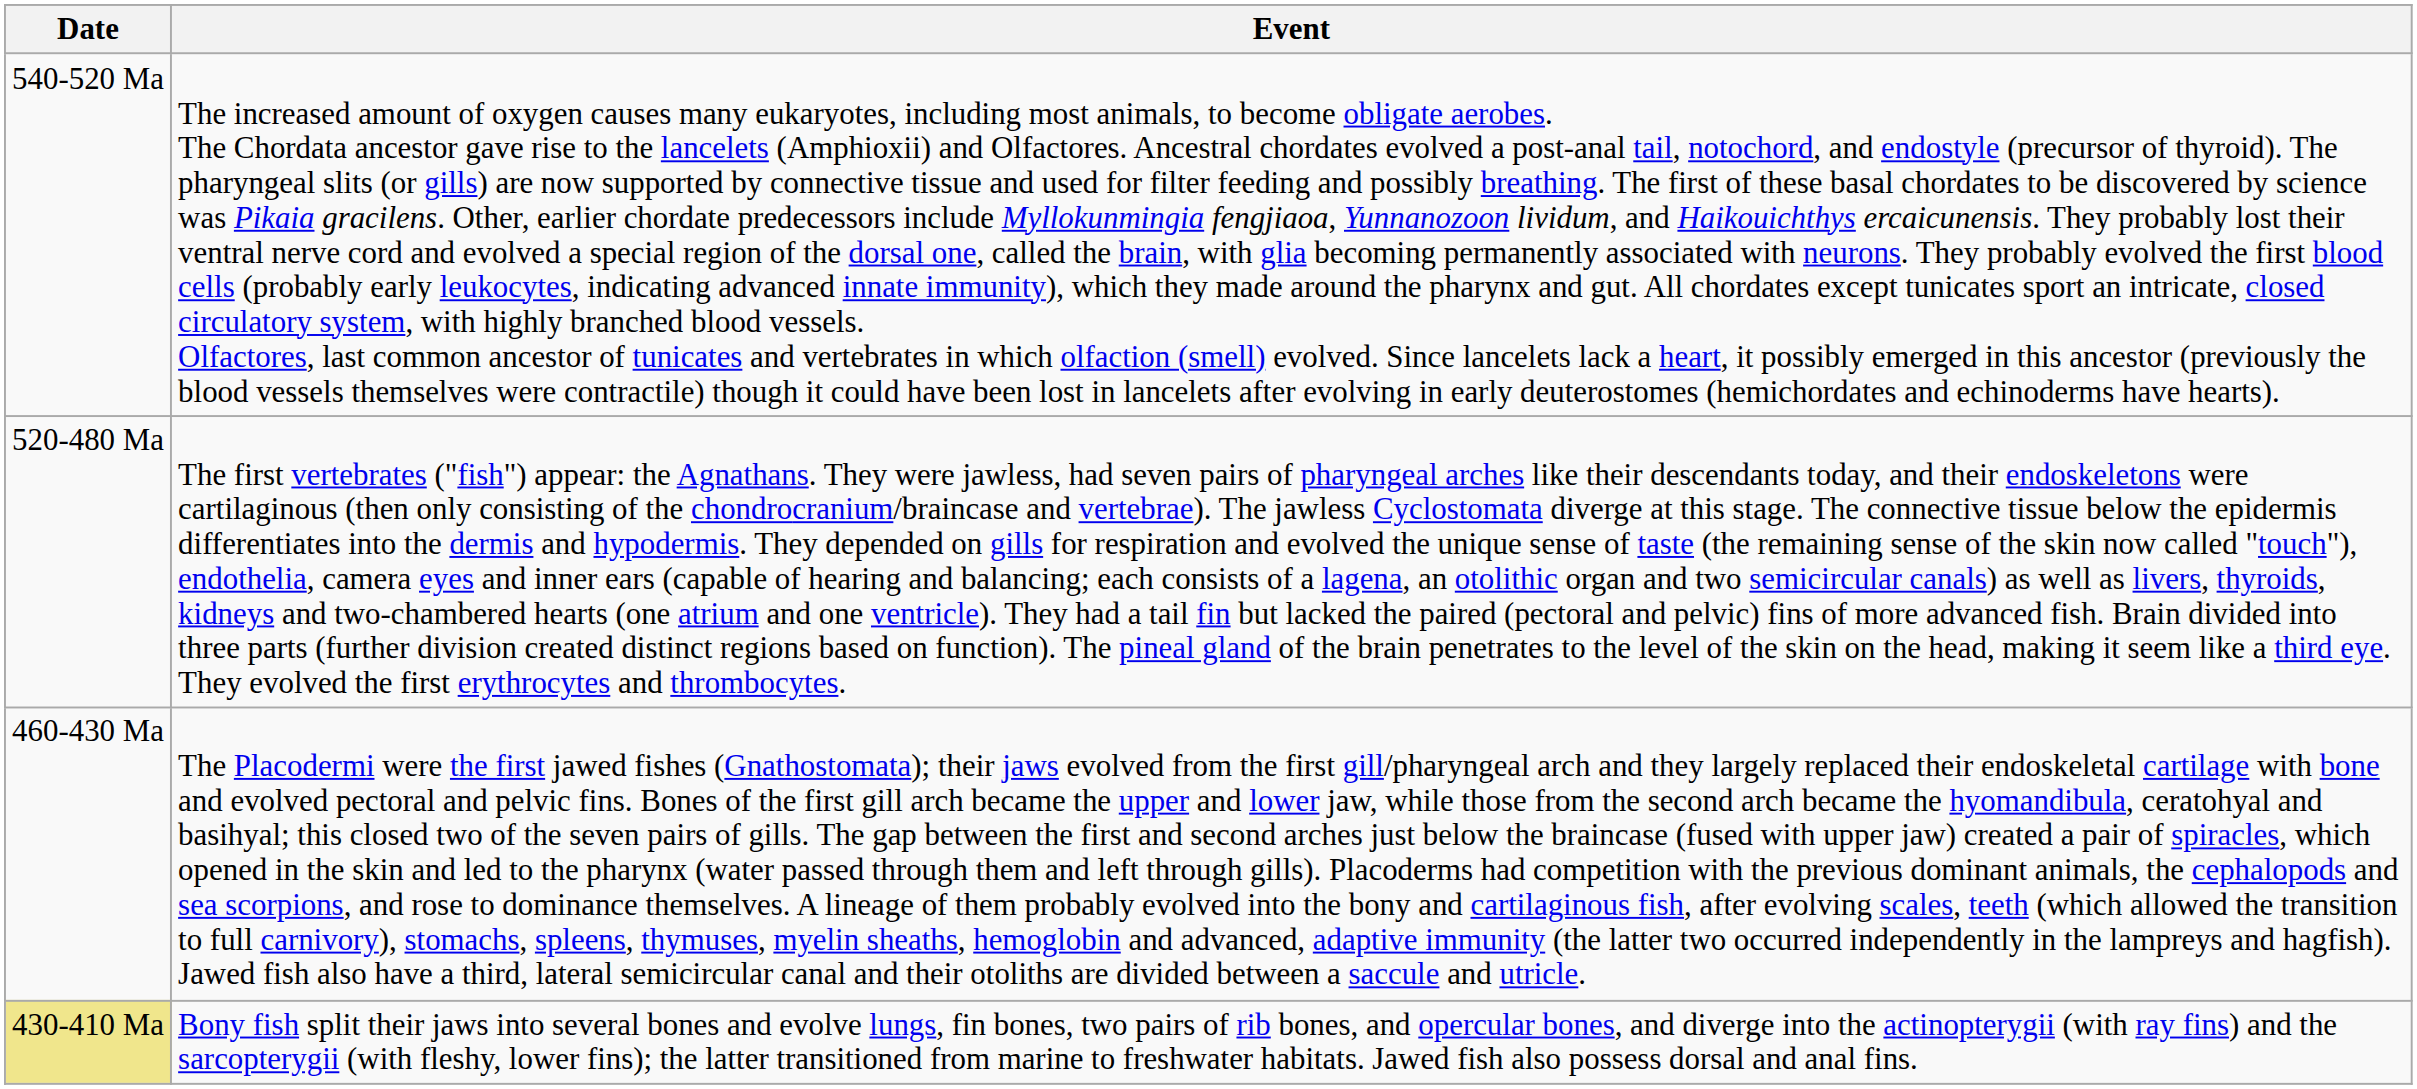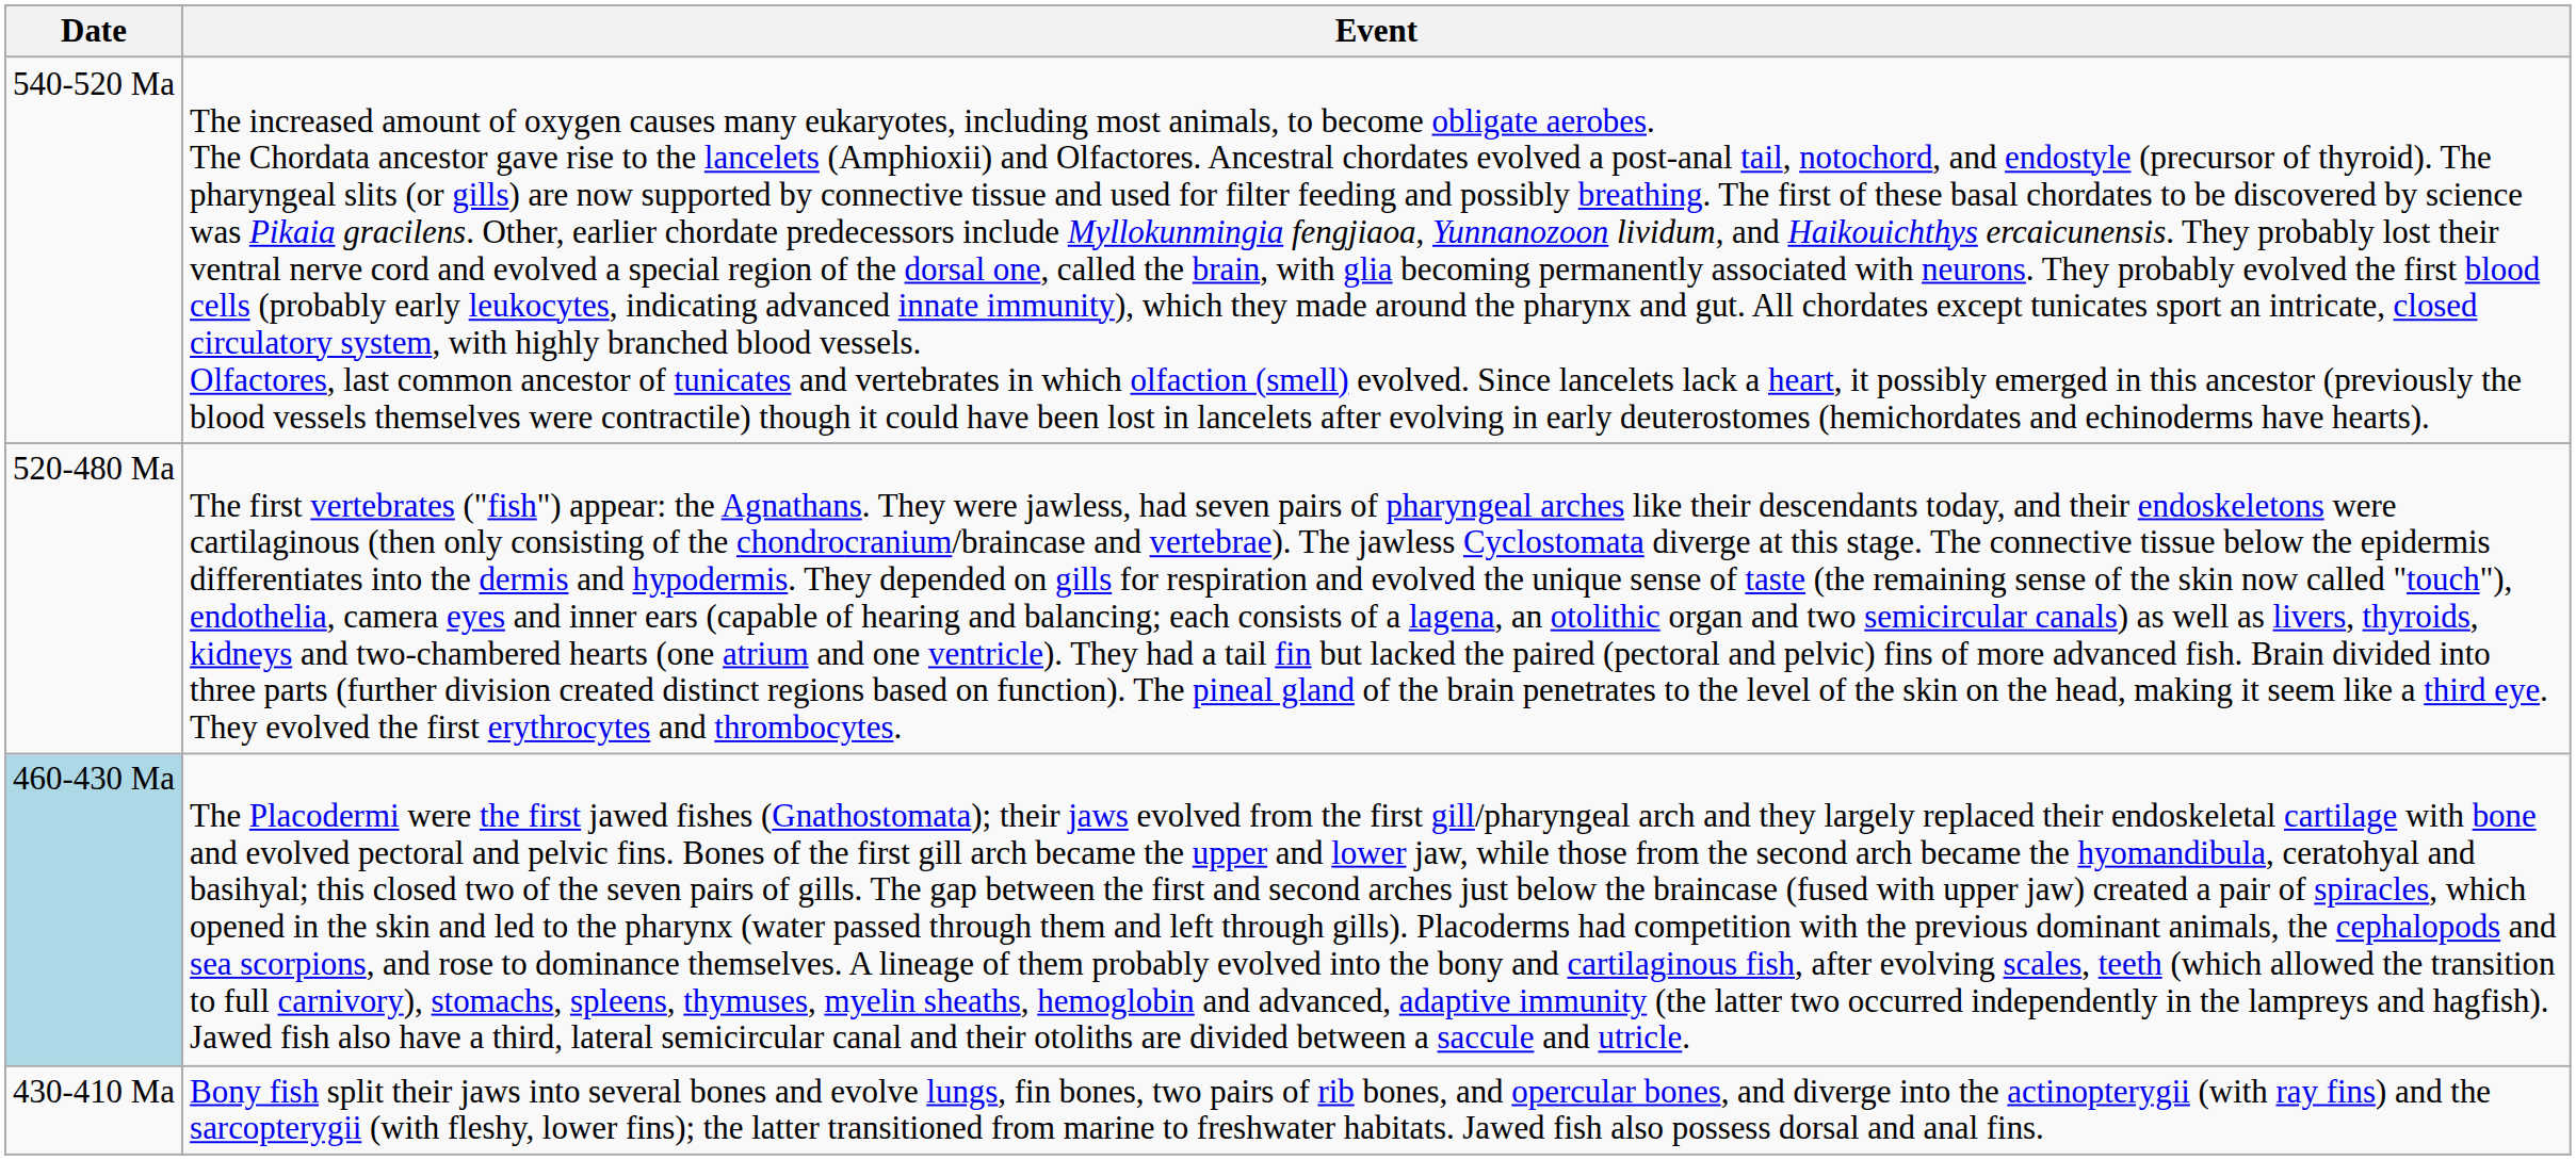 <table class="wikitable">
 <tr>
 <th scope="col">Date</th>
 <th scope="col">Event</th>
 </tr>
 <tr>
 <td style="vertical-align: top; text-align: right; white-space: nowrap;">540-520 Ma</td>
 <td><br>The increased amount of oxygen causes many eukaryotes, including most animals, to become <a href='#'>obligate aerobes</a>.<br>The Chordata ancestor gave rise to the <a href='#'>lancelets</a> (Amphioxii) and Olfactores. Ancestral chordates evolved a post-anal <a href='#'>tail</a>, <a href='#'>notochord</a>, and <a href='#'>endostyle</a> (precursor of thyroid). The pharyngeal slits (or <a href='#'>gills</a>) are now supported by connective tissue and used for filter feeding and possibly <a href='#'>breathing</a>. The first of these basal chordates to be discovered by science was <em><a href='#'>Pikaia</a> gracilens</em>. Other, earlier chordate predecessors include <em><a href='#'>Myllokunmingia</a> fengjiaoa</em>, <em><a href='#'>Yunnanozoon</a> lividum</em>, and <em><a href='#'>Haikouichthys</a> ercaicunensis</em>. They probably lost their ventral nerve cord and evolved a special region of the <a href='#'>dorsal one</a>, called the <a href='#'>brain</a>, with <a href='#'>glia</a> becoming permanently associated with <a href='#'>neurons</a>. They probably evolved the first <a href='#'>blood cells</a> (probably early <a href='#'>leukocytes</a>, indicating advanced <a href='#'>innate immunity</a>), which they made around the pharynx and gut. All chordates except tunicates sport an intricate, <a href='#'>closed circulatory system</a>, with highly branched blood vessels.<br><a href='#'>Olfactores</a>, last common ancestor of <a href='#'>tunicates</a> and vertebrates in which <a href='#'>olfaction (smell)</a> evolved. Since lancelets lack a <a href='#'>heart</a>, it possibly emerged in this ancestor (previously the blood vessels themselves were contractile) though it could have been lost in lancelets after evolving in early deuterostomes (hemichordates and echinoderms have hearts).</td>
 </tr>
 <tr>
 <td style="vertical-align: top; text-align: right; white-space: nowrap;">520-480 Ma</td>
 <td><br>The first <a href='#'>vertebrates</a> ("<a href='#'>fish</a>") appear: the <a href='#'>Agnathans</a>. They were jawless, had seven pairs of <a href='#'>pharyngeal arches</a> like their descendants today, and their <a href='#'>endoskeletons</a> were cartilaginous (then only consisting of the <a href='#'>chondro</a><a href='#'>cranium</a>/braincase and <a href='#'>vertebrae</a>). The jawless <a href='#'>Cyclostomata</a> diverge at this stage. The connective tissue below the epidermis differentiates into the <a href='#'>dermis</a> and <a href='#'>hypodermis</a>. They depended on <a href='#'>gills</a> for respiration and evolved the unique sense of <a href='#'>taste</a> (the remaining sense of the skin now called "<a href='#'>touch</a>"), <a href='#'>endothelia</a>, camera <a href='#'>eyes</a> and inner ears (capable of hearing and balancing; each consists of a <a href='#'>lagena</a>, an <a href='#'>otolithic</a> organ and two <a href='#'>semicircular canals</a>) as well as <a href='#'>livers</a>, <a href='#'>thyroids</a>, <a href='#'>kidneys</a> and two-chambered hearts (one <a href='#'>atrium</a> and one <a href='#'>ventricle</a>). They had a tail <a href='#'>fin</a> but lacked the paired (pectoral and pelvic) fins of more advanced fish. Brain divided into three parts (further division created distinct regions based on function). The <a href='#'>pineal gland</a> of the brain penetrates to the level of the skin on the head, making it seem like a <a href='#'>third eye</a>. They evolved the first <a href='#'>erythrocytes</a> and <a href='#'>thrombocytes</a>.</td>
 </tr>
 <tr>
-<td style="vertical-align: top; text-align: right; white-space: nowrap;">460-430 Ma</td>
+<td style="background: lightblue; vertical-align: top; text-align: right; white-space: nowrap;">460-430 Ma</td>
 <td><br>The <a href='#'>Placodermi</a> were <a href='#'>the first</a> jawed fishes (<a href='#'>Gnathostomata</a>); their <a href='#'>jaws</a> evolved from the first <a href='#'>gill</a>/pharyngeal arch and they largely replaced their endoskeletal <a href='#'>cartilage</a> with <a href='#'>bone</a> and evolved pectoral and pelvic fins. Bones of the first gill arch became the <a href='#'>upper</a> and <a href='#'>lower</a> jaw, while those from the second arch became the <a href='#'>hyomandibula</a>, ceratohyal and basihyal; this closed two of the seven pairs of gills. The gap between the first and second arches just below the braincase (fused with upper jaw) created a pair of <a href='#'>spiracles</a>, which opened in the skin and led to the pharynx (water passed through them and left through gills).  Placoderms had competition with the previous dominant animals, the <a href='#'>cephalopods</a> and <a href='#'>sea scorpions</a>, and rose to dominance themselves. A lineage of them probably evolved into the bony and <a href='#'>cartilaginous fish</a>, after evolving <a href='#'>scales</a>, <a href='#'>teeth</a> (which allowed the transition to full <a href='#'>carnivory</a>), <a href='#'>stomachs</a>, <a href='#'>spleens</a>, <a href='#'>thymuses</a>, <a href='#'>myelin sheaths</a>, <a href='#'>hemoglobin</a> and advanced, <a href='#'>adaptive immunity</a> (the latter two occurred independently in the lampreys and hagfish). Jawed fish also have a third, lateral semicircular canal and their otoliths are divided between a <a href='#'>saccule</a> and <a href='#'>utricle</a>.</td>
 </tr>
 <tr>
-<td style="background: khaki; vertical-align: top; text-align: right; white-space: nowrap;">430-410 Ma</td>
+<td style="vertical-align: top; text-align: right; white-space: nowrap;">430-410 Ma</td>
 <td><a href='#'>Bony fish</a> split their jaws into several bones and evolve <a href='#'>lungs</a>, fin bones, two pairs of <a href='#'>rib</a> bones, and <a href='#'>opercular bones</a>, and diverge into the <a href='#'>actinopterygii</a> (with <a href='#'>ray fins</a>) and the <a href='#'>sarcopterygii</a> (with fleshy, lower fins); the latter transitioned from marine to freshwater habitats. Jawed fish also possess dorsal and anal fins.</td>
 </tr>
 </table>
